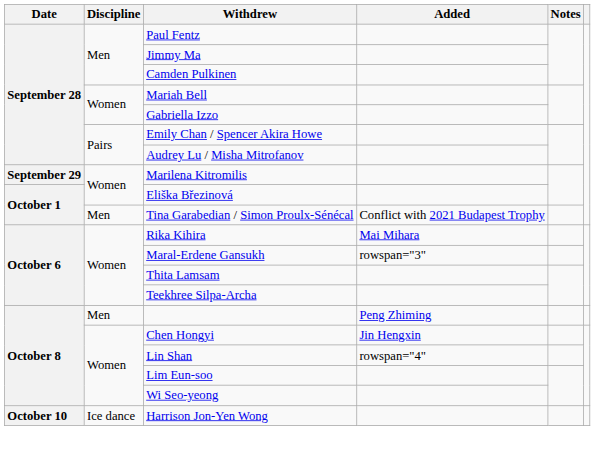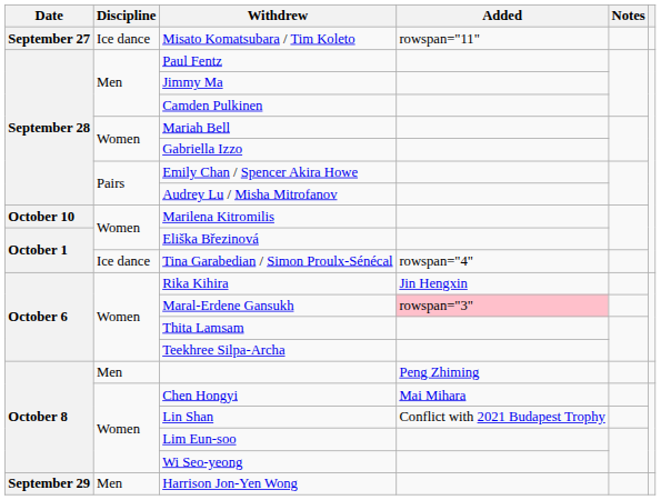 <table class="wikitable unsortable">
 <tr>
 <th scope="col">Date</th>
 <th scope="col">Discipline</th>
 <th scope="col">Withdrew</th>
 <th scope="col">Added</th>
 <th scope="col">Notes</th>
 <th scope="col"></th>
+</tr>
+<tr>
+<th scope="row" style="text-align:left">September 27</th>
+<td>Ice dance</td>
+<td> <a href='#'>Misato Komatsubara</a> / <a href='#'>Tim Koleto</a></td>
+<td>rowspan="11" </td>
+<td></td>
+<td></td>
 </tr>
 <tr>
 <th scope="row" style="text-align:left" rowspan=7>September 28</th>
 <td rowspan=3>Men</td>
 <td> <a href='#'>Paul Fentz</a></td>
 <td></td>
 <td rowspan=3></td>
 </tr>
 <tr>
 <td> <a href='#'>Jimmy Ma</a></td>
 <td></td>
 </tr>
 <tr>
 <td> <a href='#'>Camden Pulkinen</a></td>
 <td></td>
 </tr>
 <tr>
 <td rowspan=2>Women</td>
 <td> <a href='#'>Mariah Bell</a></td>
 <td></td>
 <td rowspan=2></td>
 </tr>
 <tr>
 <td> <a href='#'>Gabriella Izzo</a></td>
 <td></td>
 </tr>
 <tr>
 <td rowspan=2>Pairs</td>
 <td> <a href='#'>Emily Chan</a> / <a href='#'>Spencer Akira Howe</a></td>
 <td></td>
 <td rowspan=2></td>
 </tr>
 <tr>
 <td> <a href='#'>Audrey Lu</a> / <a href='#'>Misha Mitrofanov</a></td>
 <td></td>
 </tr>
 <tr>
-<th scope="row" style="text-align:left">September 29</th>
+<th scope="row" style="text-align:left">October 10</th>
 <td rowspan=2>Women</td>
 <td> <a href='#'>Marilena Kitromilis</a></td>
 <td></td>
 <td rowspan=2></td>
 </tr>
 <tr>
 <th scope="row" style="text-align:left" rowspan=2>October 1</th>
 <td> <a href='#'>Eliška Březinová</a></td>
 <td></td>
 </tr>
 <tr>
-<td>Men</td>
+<td>Ice dance</td>
 <td> <a href='#'>Tina Garabedian</a> / <a href='#'>Simon Proulx-Sénécal</a></td>
-<td>Conflict with <a href='#'>2021 Budapest Trophy</a></td>
+<td>rowspan="4" </td>
 <td></td>
 </tr>
 <tr>
 <th scope="row" style="text-align:left" rowspan=4>October 6</th>
 <td rowspan=4>Women</td>
 <td> <a href='#'>Rika Kihira</a></td>
-<td> <a href='#'>Mai Mihara</a></td>
+<td> <a href='#'>Jin Hengxin</a></td>
 <td></td>
 <td rowspan=4></td>
 </tr>
 <tr>
 <td> <a href='#'>Maral-Erdene Gansukh</a></td>
-<td>rowspan="3" </td>
+<td style="background: pink;">rowspan="3" </td>
 <td></td>
 </tr>
 <tr>
 <td> <a href='#'>Thita Lamsam</a></td>
 <td></td>
 </tr>
 <tr>
 <td> <a href='#'>Teekhree Silpa-Archa</a></td>
 <td></td>
 </tr>
 <tr>
 <th scope="row" style="text-align:left" rowspan=5>October 8</th>
 <td>Men</td>
 <td></td>
 <td> <a href='#'>Peng Zhiming</a></td>
 <td></td>
 <td></td>
 </tr>
 <tr>
 <td rowspan=4>Women</td>
 <td> <a href='#'>Chen Hongyi</a></td>
-<td> <a href='#'>Jin Hengxin</a></td>
+<td> <a href='#'>Mai Mihara</a></td>
 <td></td>
 <td rowspan=4></td>
 </tr>
 <tr>
 <td> <a href='#'>Lin Shan</a></td>
-<td>rowspan="4" </td>
+<td>Conflict with <a href='#'>2021 Budapest Trophy</a></td>
 <td></td>
 </tr>
 <tr>
 <td> <a href='#'>Lim Eun-soo</a></td>
 <td></td>
 </tr>
 <tr>
 <td> <a href='#'>Wi Seo-yeong</a></td>
 <td></td>
 </tr>
 <tr>
-<th scope="row" style="text-align:left">October 10</th>
-<td>Ice dance</td>
+<th scope="row" style="text-align:left">September 29</th>
+<td>Men</td>
 <td> <a href='#'>Harrison Jon-Yen Wong</a></td>
 <td></td>
 <td></td>
 </tr>
 </table>
